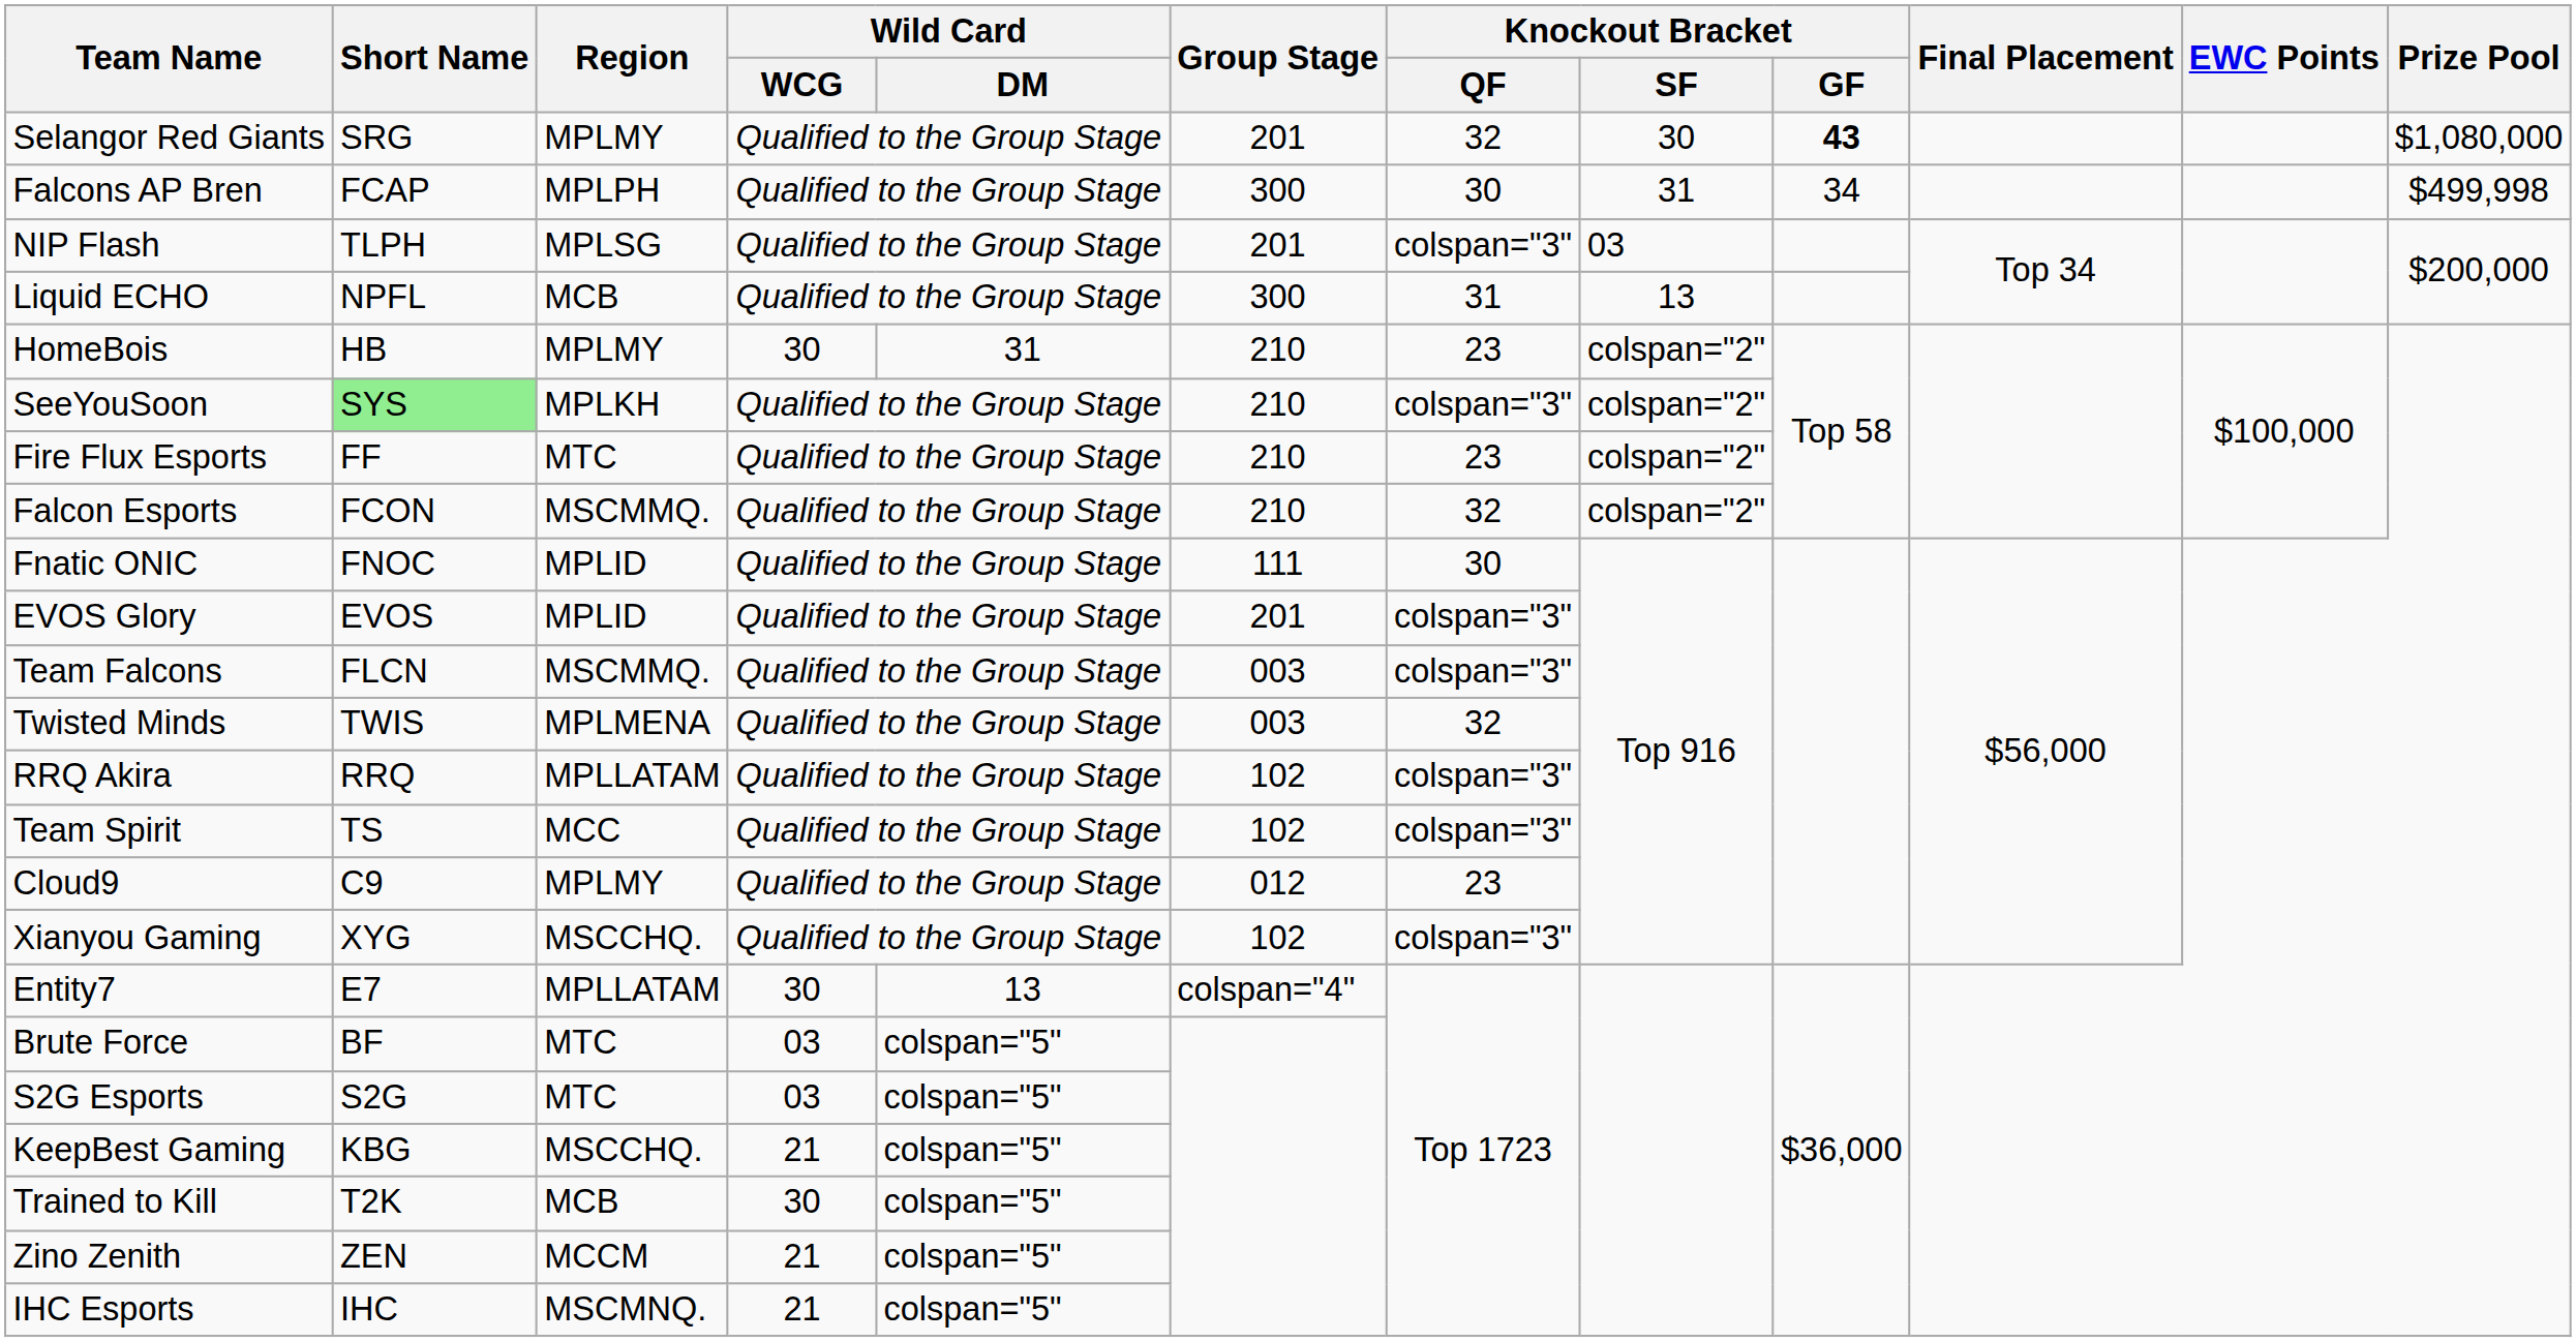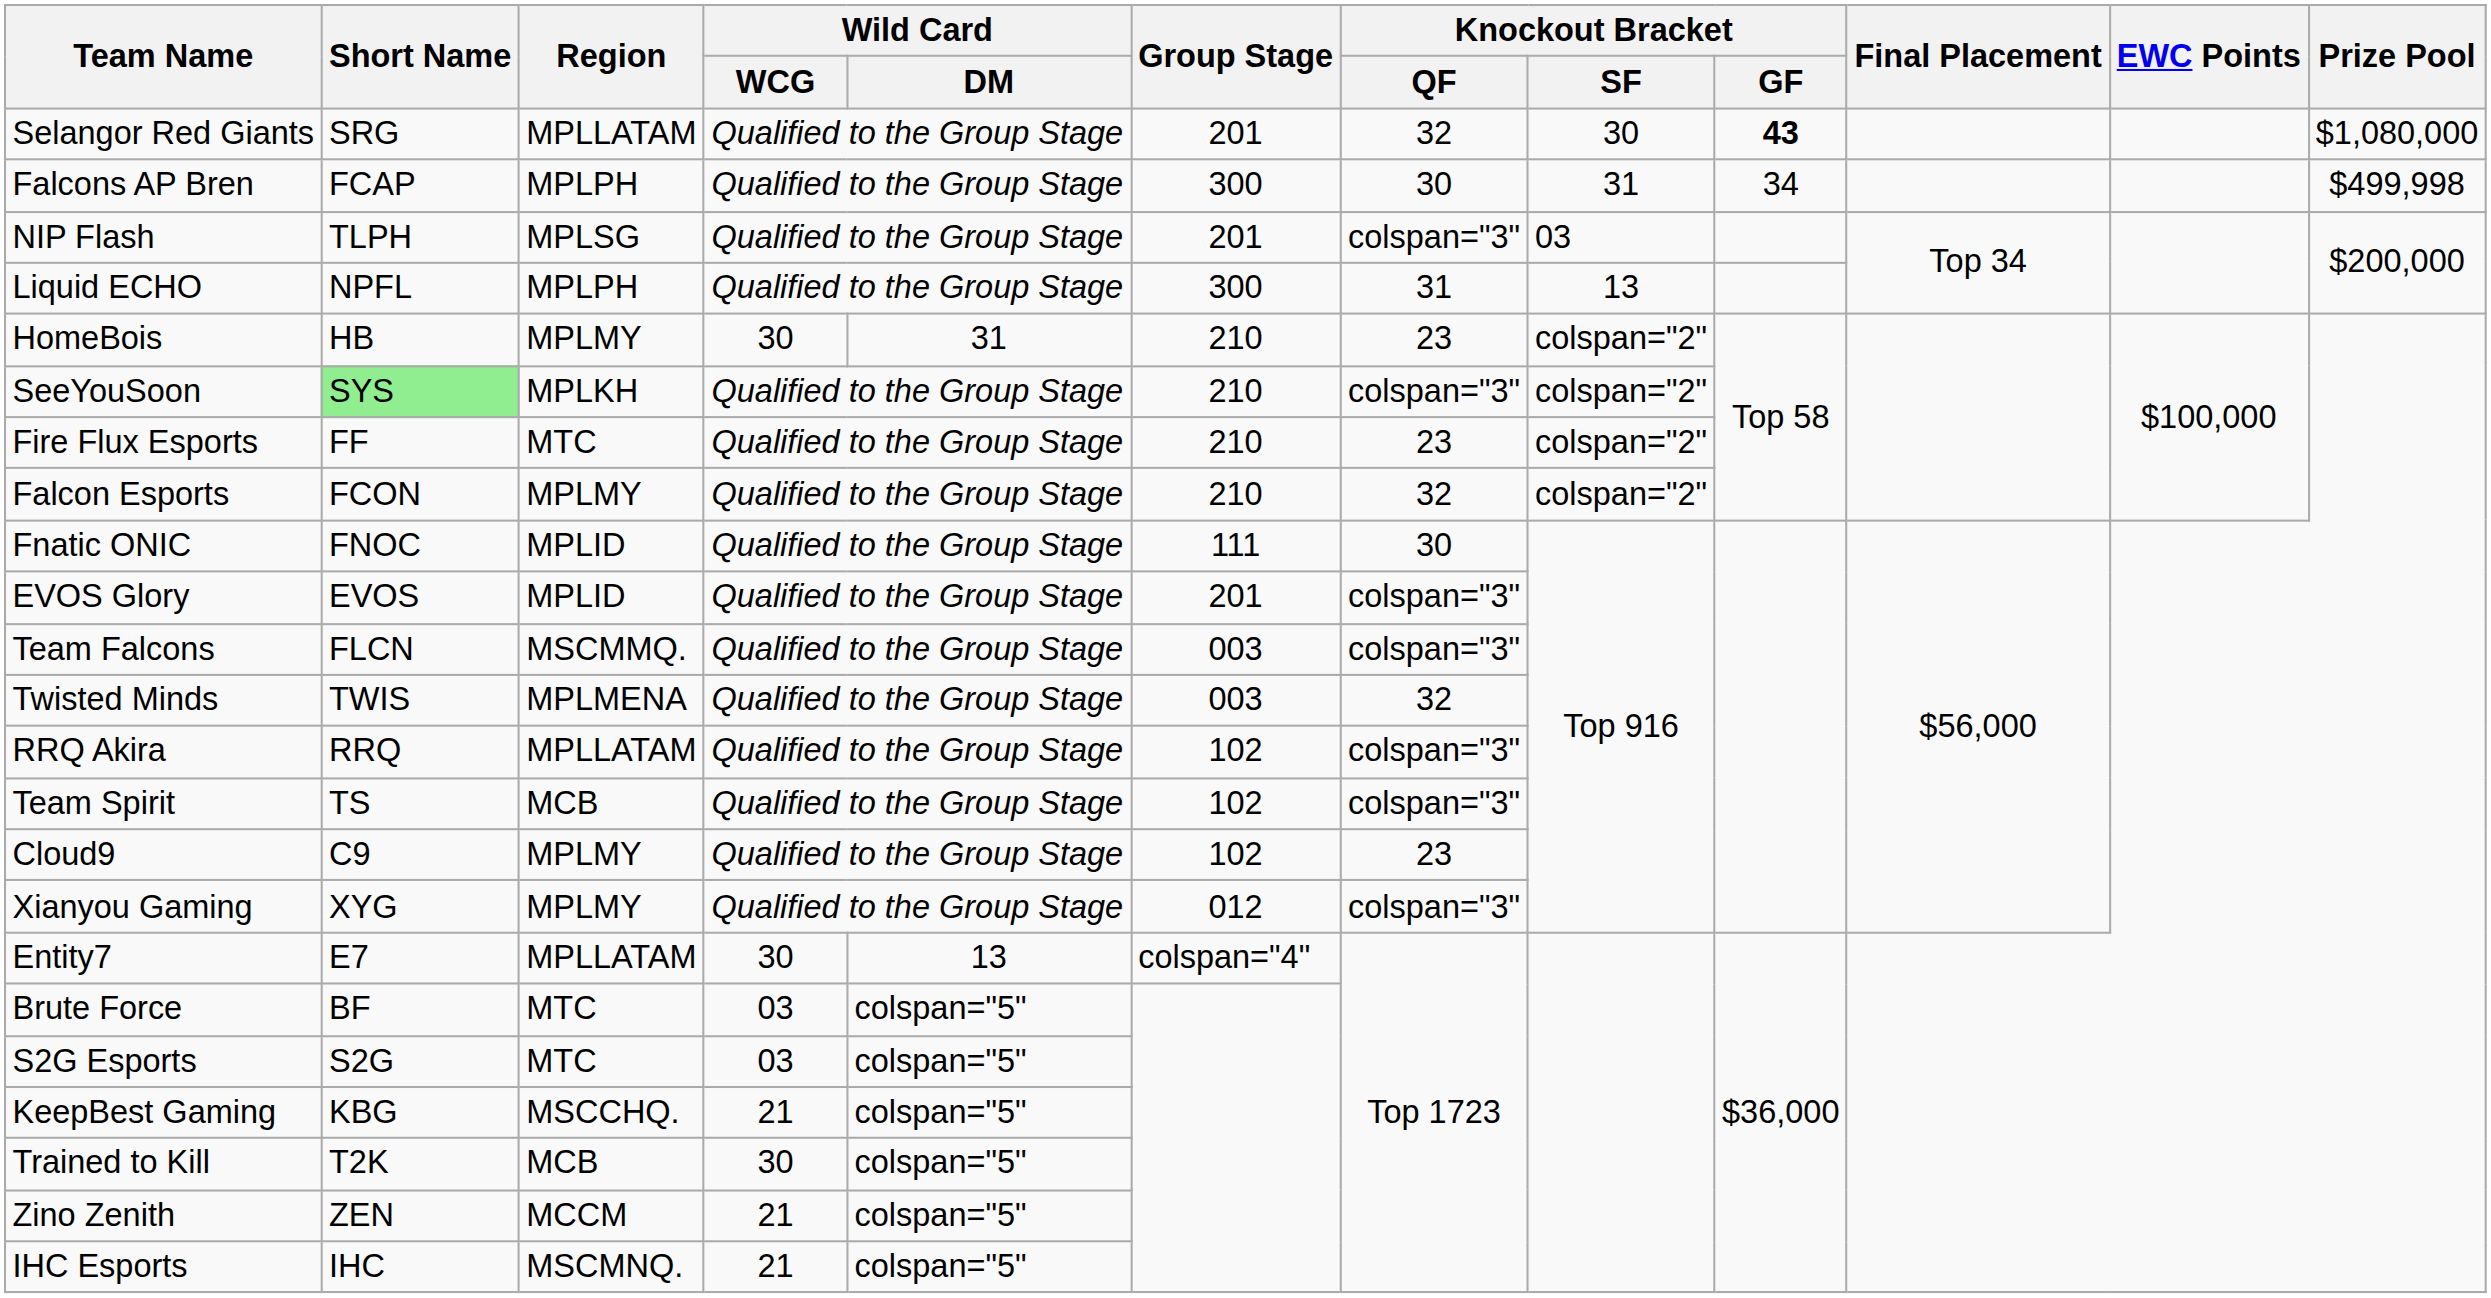 <table class="wikitable">
 <tr>
 <th rowspan="2">Team Name</th>
 <th rowspan="2">Short Name</th>
 <th rowspan="2">Region</th>
 <th colspan="2">Wild Card</th>
 <th rowspan="2">Group Stage</th>
 <th colspan="3">Knockout Bracket</th>
 <th rowspan="2">Final Placement</th>
 <th rowspan="2"><a href='#'>EWC</a> Points</th>
 <th rowspan="2">Prize Pool</th>
 </tr>
 <tr>
 <th>WCG</th>
 <th>DM</th>
 <th>QF</th>
 <th>SF</th>
 <th>GF</th>
 </tr>
 <tr>
 <td> Selangor Red Giants</td>
 <td>SRG</td>
-<td>MPLMY</td>
+<td>MPLLATAM</td>
 <td colspan="2"><em>Qualified to the Group Stage</em></td>
 <td style="text-align:center;">201</td>
 <td style="text-align:center;">32</td>
 <td style="text-align:center;">30</td>
 <td style="text-align:center;"><strong>43</strong></td>
 <td></td>
 <td></td>
 <td style="text-align:center;">$1,080,000</td>
 </tr>
 <tr>
 <td> Falcons AP Bren</td>
 <td>FCAP</td>
 <td>MPLPH</td>
 <td colspan="2"><em>Qualified to the Group Stage</em></td>
 <td style="text-align:center;">300</td>
 <td style="text-align:center;">30</td>
 <td style="text-align:center;">31</td>
 <td style="text-align:center;">34</td>
 <td></td>
 <td></td>
 <td style="text-align:center;">$499,998</td>
 </tr>
 <tr>
 <td> NIP Flash</td>
 <td>TLPH</td>
 <td>MPLSG</td>
 <td colspan="2"><em>Qualified to the Group Stage</em></td>
 <td style="text-align:center;">201</td>
 <td>colspan="3" </td>
 <td style="text-algin:center;">03</td>
 <td></td>
 <td rowspan="2" style="text-align:center;">Top 34</td>
 <td rowspan="2"></td>
 <td rowspan="2" style="text-align:center;">$200,000</td>
 </tr>
 <tr>
 <td> Liquid ECHO</td>
 <td>NPFL</td>
-<td>MCB</td>
+<td>MPLPH</td>
 <td colspan="2"><em>Qualified to the Group Stage</em></td>
 <td style="text-align:center;">300</td>
 <td style="text-align:center;">31</td>
 <td style="text-align:center;">13</td>
 <td></td>
 </tr>
 <tr>
 <td> HomeBois</td>
 <td>HB</td>
 <td>MPLMY</td>
 <td style="text-align:center;">30</td>
 <td style="text-align:center;">31</td>
 <td style="text-align:center;">210</td>
 <td style="text-align:center;">23</td>
 <td>colspan="2" </td>
 <td rowspan="4" style="text-align:center;">Top 58</td>
 <td rowspan="4"></td>
 <td rowspan="4" style="text-align:center;">$100,000</td>
 </tr>
 <tr>
 <td> SeeYouSoon</td>
 <td style="background: lightgreen;">SYS</td>
 <td>MPLKH</td>
 <td colspan="2"><em>Qualified to the Group Stage</em></td>
 <td style="text-align:center;">210</td>
 <td>colspan="3" </td>
 <td>colspan="2" </td>
 </tr>
 <tr>
 <td> Fire Flux Esports</td>
 <td>FF</td>
 <td>MTC</td>
 <td colspan="2"><em>Qualified to the Group Stage</em></td>
 <td style="text-align:center;">210</td>
 <td style="text-align:center;">23</td>
 <td>colspan="2" </td>
 </tr>
 <tr>
 <td> Falcon Esports</td>
 <td>FCON</td>
-<td>MSCMMQ.</td>
+<td>MPLMY</td>
 <td colspan="2"><em>Qualified to the Group Stage</em></td>
 <td style="text-align:center;">210</td>
 <td style="text-align:center;">32</td>
 <td>colspan="2" </td>
 </tr>
 <tr>
 <td> Fnatic ONIC</td>
 <td>FNOC</td>
 <td>MPLID</td>
 <td colspan="2"><em>Qualified to the Group Stage</em></td>
 <td style="text-align:center;">111</td>
 <td style="text-align:center;">30</td>
 <td rowspan="8" style="text-align:center;">Top 916</td>
 <td rowspan="8"></td>
 <td rowspan="8" style="text-align:center;">$56,000</td>
 </tr>
 <tr>
 <td> EVOS Glory</td>
 <td>EVOS</td>
 <td>MPLID</td>
 <td colspan="2"><em>Qualified to the Group Stage</em></td>
 <td style="text-align:center;">201</td>
 <td>colspan="3" </td>
 </tr>
 <tr>
 <td> Team Falcons</td>
 <td>FLCN</td>
 <td>MSCMMQ.</td>
 <td colspan="2"><em>Qualified to the Group Stage</em></td>
 <td style="text-align:center;">003</td>
 <td>colspan="3" </td>
 </tr>
 <tr>
 <td> Twisted Minds</td>
 <td>TWIS</td>
 <td>MPLMENA</td>
 <td colspan="2"><em>Qualified to the Group Stage</em></td>
 <td style="text-align:center;">003</td>
 <td style="text-align:center;">32</td>
 </tr>
 <tr>
 <td> RRQ Akira</td>
 <td>RRQ</td>
 <td>MPLLATAM</td>
 <td colspan="2"><em>Qualified to the Group Stage</em></td>
 <td style="text-align:center;">102</td>
 <td>colspan="3" </td>
 </tr>
 <tr>
 <td> Team Spirit</td>
 <td>TS</td>
-<td>MCC</td>
+<td>MCB</td>
 <td colspan="2"><em>Qualified to the Group Stage</em></td>
 <td style="text-align:center;">102</td>
 <td>colspan="3" </td>
 </tr>
 <tr>
 <td> Cloud9</td>
 <td>C9</td>
 <td>MPLMY</td>
 <td colspan="2"><em>Qualified to the Group Stage</em></td>
-<td style="text-align:center;">012</td>
+<td style="text-align:center;">102</td>
 <td style="text-align:center;">23</td>
 </tr>
 <tr>
 <td> Xianyou Gaming</td>
 <td>XYG</td>
-<td>MSCCHQ.</td>
+<td>MPLMY</td>
 <td colspan="2"><em>Qualified to the Group Stage</em></td>
-<td style="text-align:center;">102</td>
+<td style="text-align:center;">012</td>
 <td>colspan="3" </td>
 </tr>
 <tr>
 <td> Entity7</td>
 <td>E7</td>
 <td>MPLLATAM</td>
 <td style="text-align:center;">30</td>
 <td style="text-align:center;">13</td>
 <td>colspan="4" </td>
 <td rowspan="7" style="text-align:center;">Top 1723</td>
 <td rowspan="7"></td>
 <td rowspan="7" style="text-align:center;">$36,000</td>
 </tr>
 <tr>
 <td> Brute Force</td>
 <td>BF</td>
 <td>MTC</td>
 <td style="text-align:center;">03</td>
 <td>colspan="5" </td>
 </tr>
 <tr>
 <td> S2G Esports</td>
 <td>S2G</td>
 <td>MTC</td>
 <td style="text-align:center;">03</td>
 <td>colspan="5" </td>
 </tr>
 <tr>
 <td> KeepBest Gaming</td>
 <td>KBG</td>
 <td>MSCCHQ.</td>
 <td style="text-align:center;">21</td>
 <td>colspan="5" </td>
 </tr>
 <tr>
 <td> Trained to Kill</td>
 <td>T2K</td>
 <td>MCB</td>
 <td style="text-align:center;">30</td>
 <td>colspan="5" </td>
 </tr>
 <tr>
 <td> Zino Zenith</td>
 <td>ZEN</td>
 <td>MCCM</td>
 <td style="text-align:center;">21</td>
 <td>colspan="5" </td>
 </tr>
 <tr>
 <td> IHC Esports</td>
 <td>IHC</td>
 <td>MSCMNQ.</td>
 <td style="text-align:center;">21</td>
 <td>colspan="5" </td>
 </tr>
 </table>
